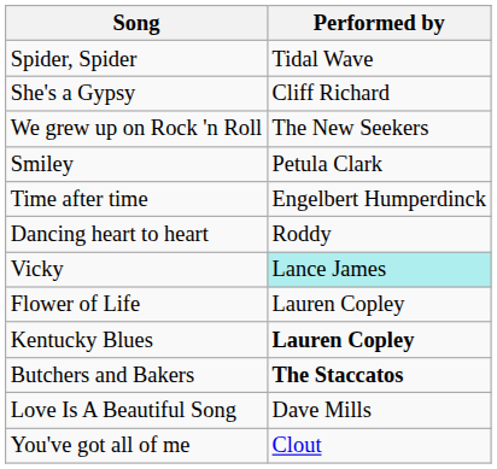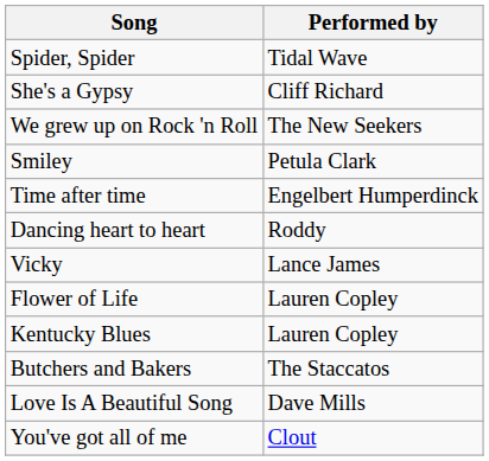 <table class="wikitable">
 <tr>
 <th>Song</th>
 <th>Performed by</th>
 </tr>
 <tr>
 <td>Spider, Spider</td>
 <td>Tidal Wave</td>
 </tr>
 <tr>
 <td>She's a Gypsy</td>
 <td>Cliff Richard</td>
 </tr>
 <tr>
 <td>We grew up on Rock 'n Roll</td>
 <td>The New Seekers</td>
 </tr>
 <tr>
 <td>Smiley</td>
 <td>Petula Clark</td>
 </tr>
 <tr>
 <td>Time after time</td>
 <td>Engelbert Humperdinck</td>
 </tr>
 <tr>
 <td>Dancing heart to heart</td>
 <td>Roddy</td>
 </tr>
 <tr>
 <td>Vicky</td>
-<td style="background: paleturquoise;">Lance James</td>
+<td>Lance James</td>
 </tr>
 <tr>
 <td>Flower of Life</td>
 <td>Lauren Copley</td>
 </tr>
 <tr>
 <td>Kentucky Blues</td>
-<td><strong>Lauren Copley</strong></td>
+<td>Lauren Copley</td>
 </tr>
 <tr>
 <td>Butchers and Bakers</td>
-<td><strong>The Staccatos</strong></td>
+<td>The Staccatos</td>
 </tr>
 <tr>
 <td>Love Is A Beautiful Song</td>
 <td>Dave Mills</td>
 </tr>
 <tr>
 <td>You've got all of me</td>
 <td><a href='#'>Clout</a></td>
 </tr>
 </table>
